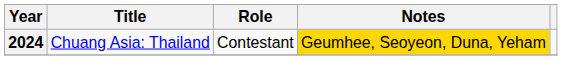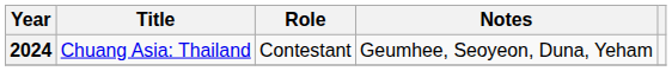 <table class="wikitable sortable plainrowheaders">
 <tr>
 <th>Year</th>
 <th>Title</th>
 <th>Role</th>
 <th>Notes</th>
 <th class="unsortable"></th>
 </tr>
 <tr>
 <th scope="row">2024</th>
 <td><a href='#'>Chuang Asia: Thailand</a></td>
 <td>Contestant</td>
-<td style="background: gold;">Geumhee, Seoyeon, Duna, Yeham</td>
+<td>Geumhee, Seoyeon, Duna, Yeham</td>
 <td></td>
 </tr>
 <tr>
 </tr>
 </table>
